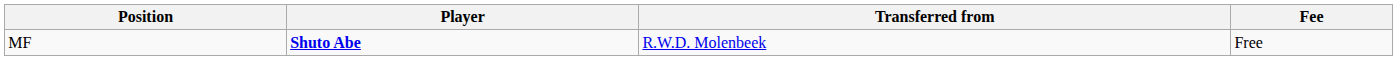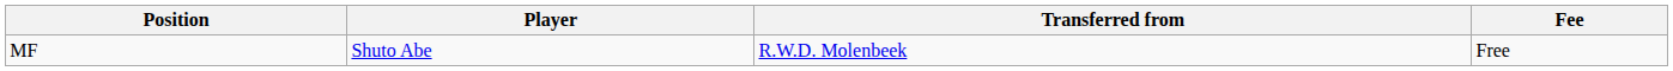 <table class="wikitable sortable" style="width:70%; text-align:center; font-size:100%; text-align:left;">
 <tr>
 <th>Position</th>
 <th>Player</th>
 <th>Transferred from</th>
 <th>Fee</th>
 </tr>
 <tr>
 <td>MF</td>
-<td><strong> <a href='#'>Shuto Abe</a></strong></td>
+<td> <a href='#'>Shuto Abe</a></td>
 <td> <a href='#'>R.W.D. Molenbeek</a></td>
 <td>Free</td>
 </tr>
 <tr>
 </tr>
 </table>
